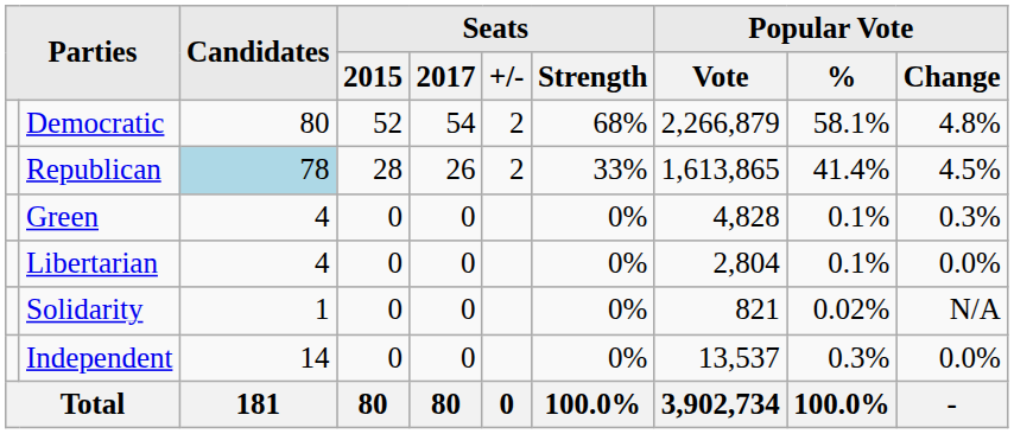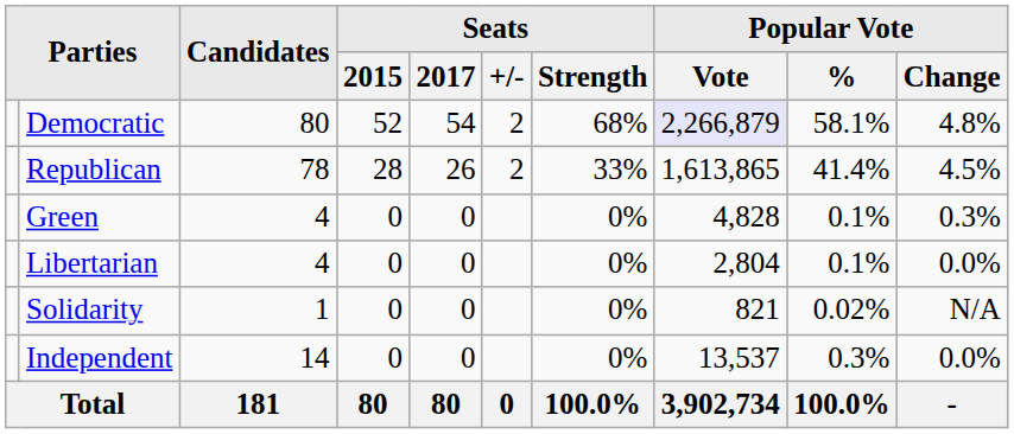 <table class=wikitable>
 <tr>
 <th style="background-color:#E9E9E9" align=center rowspan= 2 colspan=2>Parties</th>
 <th style="background-color:#E9E9E9" align=center rowspan= 2>Candidates</th>
 <th style="background-color:#E9E9E9" align=center colspan=4>Seats</th>
 <th style="background-color:#E9E9E9" align=center colspan=3>Popular Vote</th>
 </tr>
 <tr>
 <th align=center>2015</th>
 <th align=center>2017</th>
 <th align=center>+/-</th>
 <th align=center>Strength</th>
 <th align=center>Vote</th>
 <th align=center>%</th>
 <th align=center>Change</th>
 </tr>
 <tr>
 <td></td>
 <td align=left><a href='#'>Democratic</a></td>
 <td align=right>80</td>
 <td align=right >52</td>
 <td align=right >54</td>
 <td align=right>2</td>
 <td align=right >68%</td>
-<td align=right >2,266,879</td>
+<td align=right  style="background: lavender;">2,266,879</td>
 <td align=right >58.1%</td>
 <td align=right>4.8%</td>
 </tr>
 <tr>
 <td></td>
 <td align=left><a href='#'>Republican</a></td>
-<td align=right style="background: lightblue;">78</td>
+<td align=right>78</td>
 <td align=right>28</td>
 <td align=right>26</td>
 <td align=right>2</td>
 <td align=right>33%</td>
 <td align=right>1,613,865</td>
 <td align=right>41.4%</td>
 <td align=right>4.5%</td>
 </tr>
 <tr>
 <td></td>
 <td><a href='#'>Green</a></td>
 <td align=right>4</td>
 <td align=right>0</td>
 <td align=right>0</td>
 <td align=right></td>
 <td align=right>0%</td>
 <td align=right>4,828</td>
 <td align=right>0.1%</td>
 <td align=right>0.3%</td>
 </tr>
 <tr>
 <td></td>
 <td><a href='#'>Libertarian</a></td>
 <td align=right>4</td>
 <td align=right>0</td>
 <td align=right>0</td>
 <td align=right></td>
 <td align=right>0%</td>
 <td align=right>2,804</td>
 <td align=right>0.1%</td>
 <td align=right>0.0%</td>
 </tr>
 <tr>
 <td></td>
 <td><a href='#'>Solidarity</a></td>
 <td align=right>1</td>
 <td align=right>0</td>
 <td align=right>0</td>
 <td align=right></td>
 <td align=right>0%</td>
 <td align=right>821</td>
 <td align=right>0.02%</td>
 <td align=right>N/A</td>
 </tr>
 <tr>
 <td></td>
 <td><a href='#'>Independent</a></td>
 <td align=right>14</td>
 <td align=right>0</td>
 <td align=right>0</td>
 <td align=right></td>
 <td align=right>0%</td>
 <td align=right>13,537</td>
 <td align=right>0.3%</td>
 <td align=right>0.0%</td>
 </tr>
 <tr>
 <th align=center colspan="2">Total</th>
 <th align=center>181</th>
 <th align=center>80</th>
 <th align=center>80</th>
 <th align=center>0</th>
 <th align=center>100.0%</th>
 <th align=center>3,902,734</th>
 <th align=center>100.0%</th>
 <th align=center>-</th>
 </tr>
 </table>
